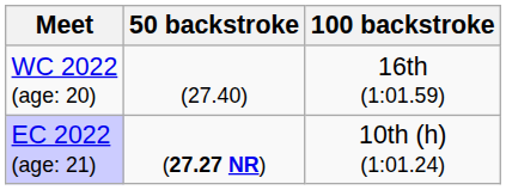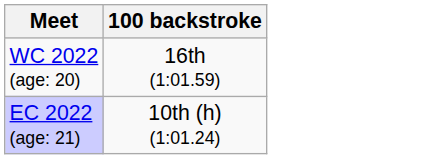 <table class="sortable wikitable">
 <tr>
 <th>Meet</th>
-<th class="unsortable">50 backstroke</th>
 <th class="unsortable">100 backstroke</th>
 </tr>
 <tr>
 <td><a href='#'>WC 2022</a><br><small>(age: 20)</small></td>
-<td align="center"><br><small>(27.40)</small></td>
 <td align="center">16th<br><small>(1:01.59)</small></td>
 </tr>
 <tr>
 <td style="background:#ccccff"><a href='#'>EC 2022</a><br><small>(age: 21)</small></td>
-<td align="center"><br><small>(<strong>27.27 <a href='#'>NR</a></strong>)</small></td>
 <td align="center">10th (h)<br><small>(1:01.24)</small></td>
 </tr>
 </table>
